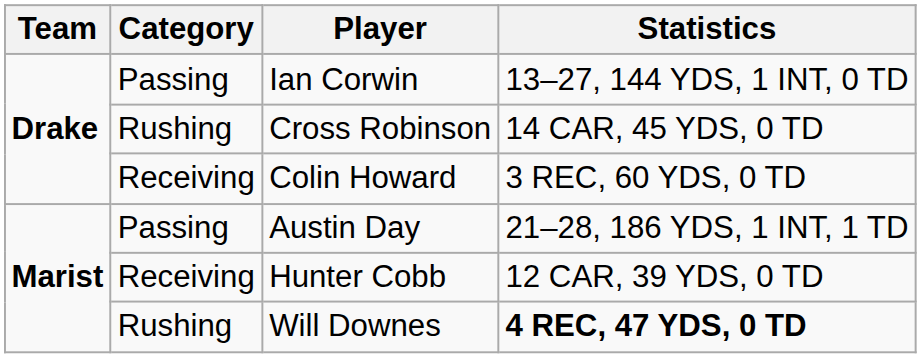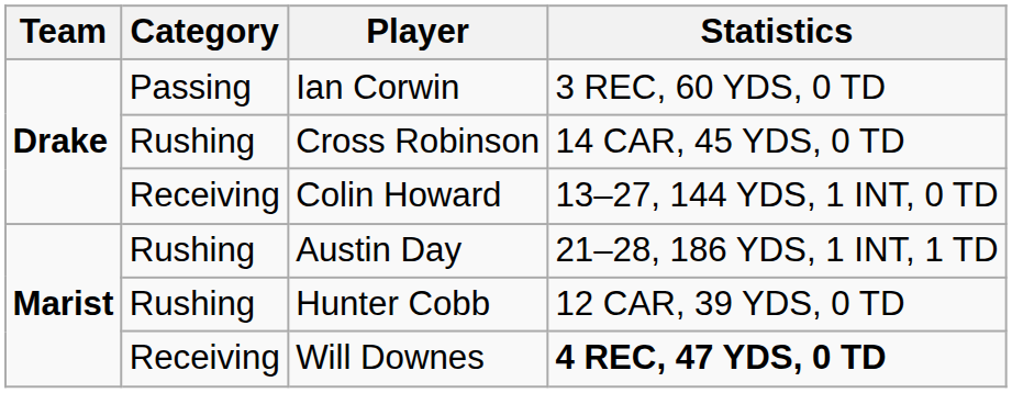 <table class="wikitable" style="float: right;">
 <tr>
 <th>Team</th>
 <th>Category</th>
 <th>Player</th>
 <th>Statistics</th>
 </tr>
 <tr>
 <td rowspan=3><strong>Drake</strong></td>
 <td>Passing</td>
 <td>Ian Corwin</td>
-<td>13–27, 144 YDS, 1 INT, 0 TD</td>
+<td>3 REC, 60 YDS, 0 TD</td>
 </tr>
 <tr>
 <td>Rushing</td>
 <td>Cross Robinson</td>
 <td>14 CAR, 45 YDS, 0 TD</td>
 </tr>
 <tr>
 <td>Receiving</td>
 <td>Colin Howard</td>
-<td>3 REC, 60 YDS, 0 TD</td>
+<td>13–27, 144 YDS, 1 INT, 0 TD</td>
 </tr>
 <tr>
 <td rowspan=3><strong>Marist</strong></td>
-<td>Passing</td>
+<td>Rushing</td>
 <td>Austin Day</td>
 <td>21–28, 186 YDS, 1 INT, 1 TD</td>
 </tr>
 <tr>
-<td>Receiving</td>
+<td>Rushing</td>
 <td>Hunter Cobb</td>
 <td>12 CAR, 39 YDS, 0 TD</td>
 </tr>
 <tr>
-<td>Rushing</td>
+<td>Receiving</td>
 <td>Will Downes</td>
 <td><strong>4 REC, 47 YDS, 0 TD</strong></td>
 </tr>
 </table>
